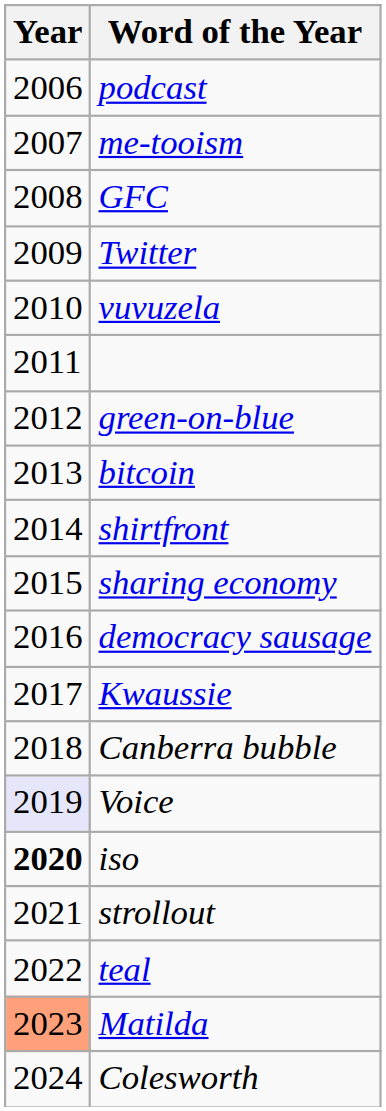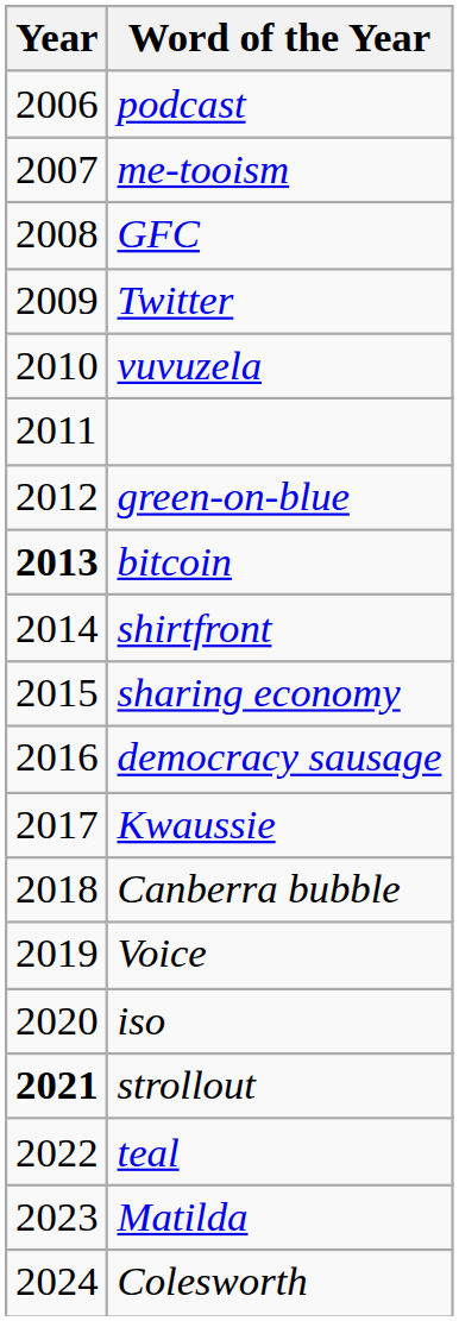 <table class="wikitable">
 <tr>
 <th>Year</th>
 <th>Word of the Year</th>
 </tr>
 <tr>
 <td>2006</td>
 <td><em><a href='#'>podcast</a></em></td>
 </tr>
 <tr>
 <td>2007</td>
 <td><em><a href='#'>me-tooism</a></em></td>
 </tr>
 <tr>
 <td>2008</td>
 <td><em><a href='#'>GFC</a></em></td>
 </tr>
 <tr>
 <td>2009</td>
 <td><em><a href='#'>Twitter</a></em></td>
 </tr>
 <tr>
 <td>2010</td>
 <td><em><a href='#'>vuvuzela</a></em></td>
 </tr>
 <tr>
 <td>2011</td>
 <td></td>
 </tr>
 <tr>
 <td>2012</td>
 <td><em><a href='#'>green-on-blue</a></em></td>
 </tr>
 <tr>
-<td>2013</td>
+<td><strong>2013</strong></td>
 <td><em><a href='#'>bitcoin</a></em></td>
 </tr>
 <tr>
 <td>2014</td>
 <td><em><a href='#'>shirtfront</a></em></td>
 </tr>
 <tr>
 <td>2015</td>
 <td><em><a href='#'>sharing economy</a></em></td>
 </tr>
 <tr>
 <td>2016</td>
 <td><em><a href='#'>democracy sausage</a></em></td>
 </tr>
 <tr>
 <td>2017</td>
 <td><em><a href='#'>Kwaussie</a></em></td>
 </tr>
 <tr>
 <td>2018</td>
 <td><em>Canberra bubble</em></td>
 </tr>
 <tr>
-<td style="background: lavender;">2019</td>
+<td>2019</td>
 <td><em>Voice</em></td>
 </tr>
 <tr>
-<td><strong>2020</strong></td>
+<td>2020</td>
 <td><em>iso</em></td>
 </tr>
 <tr>
-<td>2021</td>
+<td><strong>2021</strong></td>
 <td><em>strollout</em></td>
 </tr>
 <tr>
 <td>2022</td>
 <td><em><a href='#'>teal</a></em></td>
 </tr>
 <tr>
-<td style="background: lightsalmon;">2023</td>
+<td>2023</td>
 <td><em><a href='#'>Matilda</a></em></td>
 </tr>
 <tr>
 <td>2024</td>
 <td><em>Colesworth</em></td>
 </tr>
 </table>
